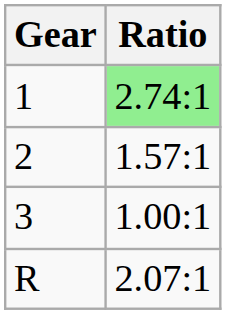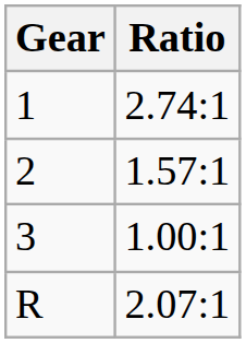 <table class=wikitable>
 <tr>
 <th>Gear</th>
 <th>Ratio</th>
 </tr>
 <tr>
 <td>1</td>
-<td style="background: lightgreen;">2.74:1</td>
+<td>2.74:1</td>
 </tr>
 <tr>
 <td>2</td>
 <td>1.57:1</td>
 </tr>
 <tr>
 <td>3</td>
 <td>1.00:1</td>
 </tr>
 <tr>
 <td>R</td>
 <td>2.07:1</td>
 </tr>
 </table>
